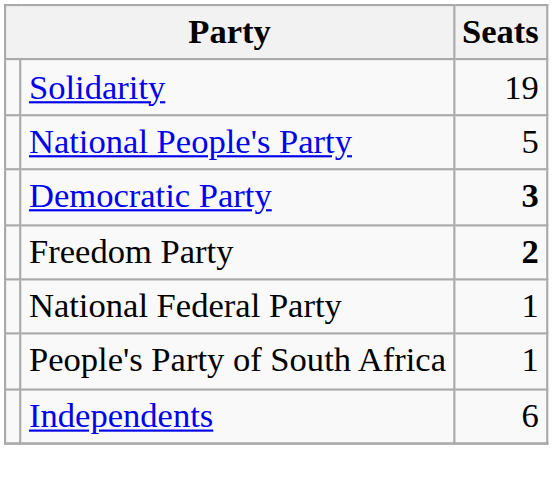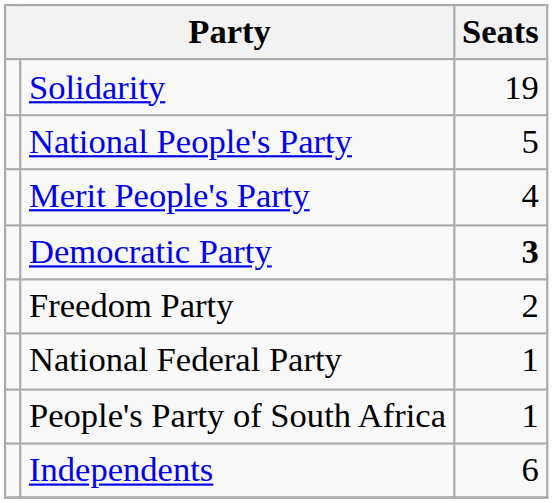 <table class="wikitable" style="text-align:right">
 <tr>
 <th colspan="2">Party</th>
 <th>Seats</th>
 </tr>
 <tr>
 <td></td>
 <td align="left"><a href='#'>Solidarity</a></td>
 <td>19</td>
 </tr>
 <tr>
 <td></td>
 <td align="left"><a href='#'>National People's Party</a></td>
 <td>5</td>
 </tr>
 <tr>
 <td></td>
+<td align="left"><a href='#'>Merit People's Party</a></td>
+<td>4</td>
+</tr>
+<tr>
+<td></td>
 <td align="left"><a href='#'>Democratic Party</a></td>
 <td><strong>3</strong></td>
 </tr>
 <tr>
 <td></td>
 <td align="left">Freedom Party</td>
-<td><strong>2</strong></td>
+<td>2</td>
 </tr>
 <tr>
 <td></td>
 <td align="left">National Federal Party</td>
 <td>1</td>
 </tr>
 <tr>
 <td></td>
 <td align="left">People's Party of South Africa</td>
 <td>1</td>
 </tr>
 <tr>
 <td></td>
 <td align="left"><a href='#'>Independents</a></td>
 <td>6</td>
 </tr>
 <tr>
 </tr>
 </table>
